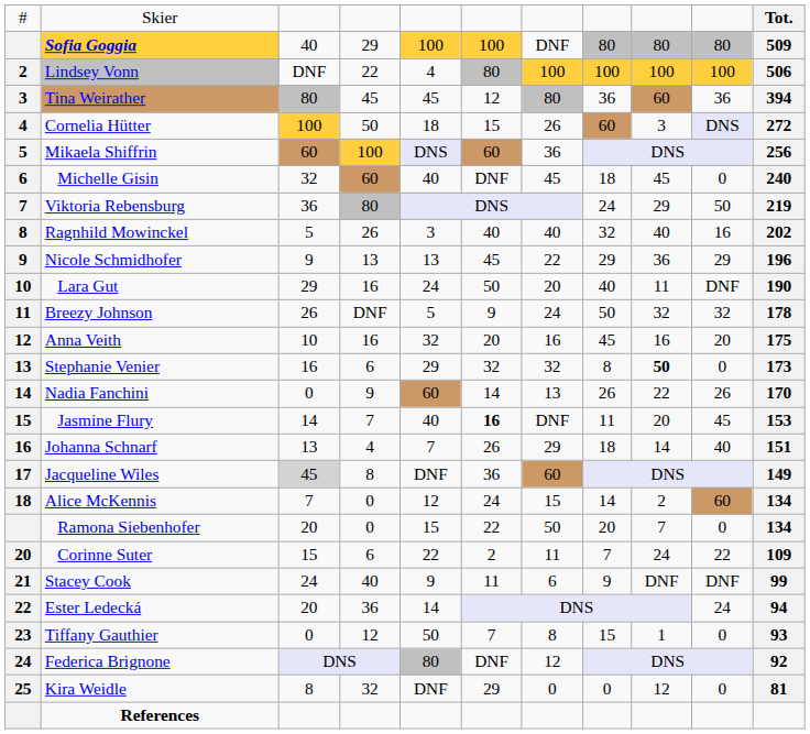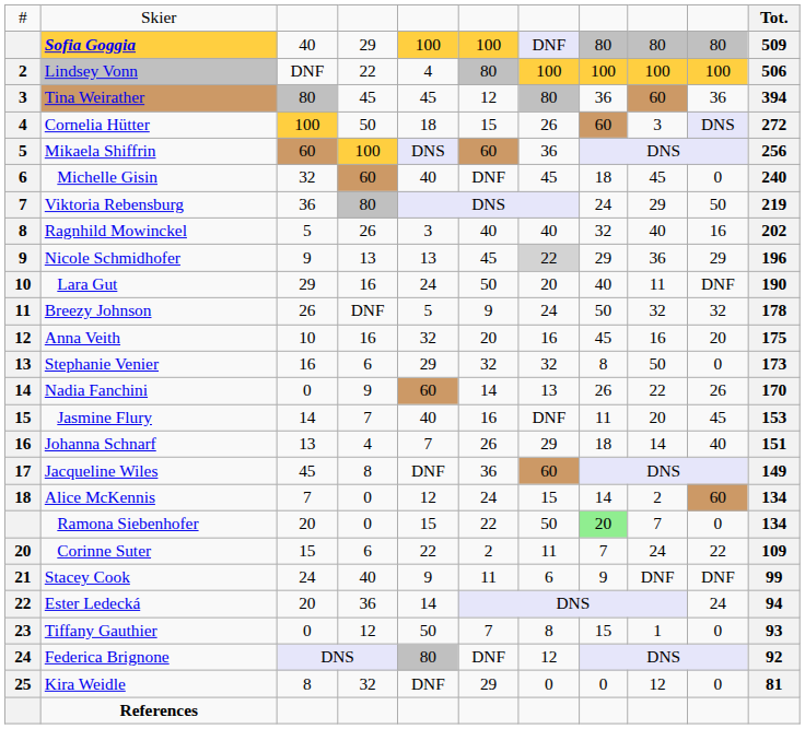 <table class="wikitable" width=60% style="font-size:100%; text-align:center;">
 <tr>
 <td>#</td>
 <td>Skier</td>
 <td><br></td>
 <td><br></td>
 <td><br></td>
 <td><br></td>
 <td><br></td>
 <td><br></td>
 <td><br></td>
 <td><br></td>
 <th>Tot.</th>
 </tr>
 <tr>
 <th></th>
 <td align=left bgcolor=ffcf40> <strong><em><a href='#'>Sofia Goggia</a></em></strong></td>
 <td>40</td>
 <td>29</td>
 <td bgcolor=ffcf40>100</td>
 <td bgcolor=ffcf40>100</td>
-<td>DNF</td>
+<td style="background: lavender;">DNF</td>
 <td bgcolor=c0c0c0>80</td>
 <td bgcolor=c0c0c0>80</td>
 <td bgcolor=c0c0c0>80</td>
 <th>509</th>
 </tr>
 <tr>
 <th>2</th>
 <td align=left bgcolor=c0c0c0> <a href='#'>Lindsey Vonn</a></td>
 <td>DNF</td>
 <td>22</td>
 <td>4</td>
 <td bgcolor=c0c0c0>80</td>
 <td bgcolor=ffcf40>100</td>
 <td bgcolor=ffcf40>100</td>
 <td bgcolor=ffcf40>100</td>
 <td bgcolor=ffcf40>100</td>
 <th>506</th>
 </tr>
 <tr>
 <th>3</th>
 <td align=left bgcolor=cc9966> <a href='#'>Tina Weirather</a></td>
 <td bgcolor=c0c0c0>80</td>
 <td>45</td>
 <td>45</td>
 <td>12</td>
 <td bgcolor=c0c0c0>80</td>
 <td>36</td>
 <td bgcolor=cc9966>60</td>
 <td>36</td>
 <th>394</th>
 </tr>
 <tr>
 <th>4</th>
 <td align=left> <a href='#'>Cornelia Hütter</a></td>
 <td bgcolor=ffcf40>100</td>
 <td>50</td>
 <td>18</td>
 <td>15</td>
 <td>26</td>
 <td bgcolor=cc9966>60</td>
 <td>3</td>
 <td bgcolor=lavender>DNS</td>
 <th>272</th>
 </tr>
 <tr>
 <th>5</th>
 <td align=left> <a href='#'>Mikaela Shiffrin</a></td>
 <td bgcolor=cc9966>60</td>
 <td bgcolor=ffcf40>100</td>
 <td bgcolor=lavender>DNS</td>
 <td bgcolor=cc9966>60</td>
 <td>36</td>
 <td colspan=3 bgcolor=lavender>DNS</td>
 <th>256</th>
 </tr>
 <tr>
 <th>6</th>
 <td align=left>   <a href='#'>Michelle Gisin</a></td>
 <td>32</td>
 <td bgcolor=cc9966>60</td>
 <td>40</td>
 <td>DNF</td>
 <td>45</td>
 <td>18</td>
 <td>45</td>
 <td>0</td>
 <th>240</th>
 </tr>
 <tr>
 <th>7</th>
 <td align=left> <a href='#'>Viktoria Rebensburg</a></td>
 <td>36</td>
 <td bgcolor=c0c0c0>80</td>
 <td colspan=3 bgcolor=lavender>DNS</td>
 <td>24</td>
 <td>29</td>
 <td>50</td>
 <th>219</th>
 </tr>
 <tr>
 <th>8</th>
 <td align=left> <a href='#'>Ragnhild Mowinckel</a></td>
 <td>5</td>
 <td>26</td>
 <td>3</td>
 <td>40</td>
 <td>40</td>
 <td>32</td>
 <td>40</td>
 <td>16</td>
 <th>202</th>
 </tr>
 <tr>
 <th>9</th>
 <td align=left> <a href='#'>Nicole Schmidhofer</a></td>
 <td>9</td>
 <td>13</td>
 <td>13</td>
 <td>45</td>
-<td>22</td>
+<td style="background: lightgrey;">22</td>
 <td>29</td>
 <td>36</td>
 <td>29</td>
 <th>196</th>
 </tr>
 <tr>
 <th>10</th>
 <td align=left>   <a href='#'>Lara Gut</a></td>
 <td>29</td>
 <td>16</td>
 <td>24</td>
 <td>50</td>
 <td>20</td>
 <td>40</td>
 <td>11</td>
 <td>DNF</td>
 <th>190</th>
 </tr>
 <tr>
 <th>11</th>
 <td align=left> <a href='#'>Breezy Johnson</a></td>
 <td>26</td>
 <td>DNF</td>
 <td>5</td>
 <td>9</td>
 <td>24</td>
 <td>50</td>
 <td>32</td>
 <td>32</td>
 <th>178</th>
 </tr>
 <tr>
 <th>12</th>
 <td align=left> <a href='#'>Anna Veith</a></td>
 <td>10</td>
 <td>16</td>
 <td>32</td>
 <td>20</td>
 <td>16</td>
 <td>45</td>
 <td>16</td>
 <td>20</td>
 <th>175</th>
 </tr>
 <tr>
 <th>13</th>
 <td align=left> <a href='#'>Stephanie Venier</a></td>
 <td>16</td>
 <td>6</td>
 <td>29</td>
 <td>32</td>
 <td>32</td>
 <td>8</td>
-<td><strong>50</strong></td>
+<td>50</td>
 <td>0</td>
 <th>173</th>
 </tr>
 <tr>
 <th>14</th>
 <td align=left> <a href='#'>Nadia Fanchini</a></td>
 <td>0</td>
 <td>9</td>
 <td bgcolor=cc9966>60</td>
 <td>14</td>
 <td>13</td>
 <td>26</td>
 <td>22</td>
 <td>26</td>
 <th>170</th>
 </tr>
 <tr>
 <th>15</th>
 <td align=left>   <a href='#'>Jasmine Flury</a></td>
 <td>14</td>
 <td>7</td>
 <td>40</td>
-<td><strong>16</strong></td>
+<td>16</td>
 <td>DNF</td>
 <td>11</td>
 <td>20</td>
 <td>45</td>
 <th>153</th>
 </tr>
 <tr>
 <th>16</th>
 <td align=left> <a href='#'>Johanna Schnarf</a></td>
 <td>13</td>
 <td>4</td>
 <td>7</td>
 <td>26</td>
 <td>29</td>
 <td>18</td>
 <td>14</td>
 <td>40</td>
 <th>151</th>
 </tr>
 <tr>
 <th>17</th>
 <td align=left> <a href='#'>Jacqueline Wiles</a></td>
-<td style="background: lightgrey;">45</td>
+<td>45</td>
 <td>8</td>
 <td>DNF</td>
 <td>36</td>
 <td bgcolor=cc9966>60</td>
 <td colspan=3 bgcolor=lavender>DNS</td>
 <th>149</th>
 </tr>
 <tr>
 <th>18</th>
 <td align=left> <a href='#'>Alice McKennis</a></td>
 <td>7</td>
 <td>0</td>
 <td>12</td>
 <td>24</td>
 <td>15</td>
 <td>14</td>
 <td>2</td>
 <td bgcolor=cc9966>60</td>
 <th>134</th>
 </tr>
 <tr>
 <th></th>
 <td align=left>   <a href='#'>Ramona Siebenhofer</a></td>
 <td>20</td>
 <td>0</td>
 <td>15</td>
 <td>22</td>
 <td>50</td>
-<td>20</td>
+<td style="background: lightgreen;">20</td>
 <td>7</td>
 <td>0</td>
 <th>134</th>
 </tr>
 <tr>
 <th>20</th>
 <td align=left>   <a href='#'>Corinne Suter</a></td>
 <td>15</td>
 <td>6</td>
 <td>22</td>
 <td>2</td>
 <td>11</td>
 <td>7</td>
 <td>24</td>
 <td>22</td>
 <th>109</th>
 </tr>
 <tr>
 <th>21</th>
 <td align=left> <a href='#'>Stacey Cook</a></td>
 <td>24</td>
 <td>40</td>
 <td>9</td>
 <td>11</td>
 <td>6</td>
 <td>9</td>
 <td>DNF</td>
 <td>DNF</td>
 <th>99</th>
 </tr>
 <tr>
 <th>22</th>
 <td align=left> <a href='#'>Ester Ledecká</a></td>
 <td>20</td>
 <td>36</td>
 <td>14</td>
 <td colspan=4 bgcolor=lavender>DNS</td>
 <td>24</td>
 <th>94</th>
 </tr>
 <tr>
 <th>23</th>
 <td align=left> <a href='#'>Tiffany Gauthier</a></td>
 <td>0</td>
 <td>12</td>
 <td>50</td>
 <td>7</td>
 <td>8</td>
 <td>15</td>
 <td>1</td>
 <td>0</td>
 <th>93</th>
 </tr>
 <tr>
 <th>24</th>
 <td align=left> <a href='#'>Federica Brignone</a></td>
 <td colspan=2 bgcolor=lavender>DNS</td>
 <td bgcolor=c0c0c0>80</td>
 <td>DNF</td>
 <td>12</td>
 <td colspan=3 bgcolor=lavender>DNS</td>
 <th>92</th>
 </tr>
 <tr>
 <th>25</th>
 <td align=left> <a href='#'>Kira Weidle</a></td>
 <td>8</td>
 <td>32</td>
 <td>DNF</td>
 <td>29</td>
 <td>0</td>
 <td>0</td>
 <td>12</td>
 <td>0</td>
 <th>81</th>
 </tr>
 <tr>
 <th></th>
 <td align=center><strong>References</strong></td>
 <td></td>
 <td></td>
 <td></td>
 <td></td>
 <td></td>
 <td></td>
 <td></td>
 <td></td>
 </tr>
 </table>
